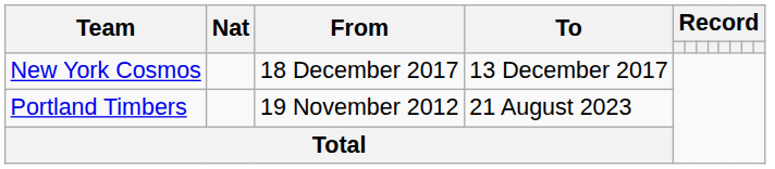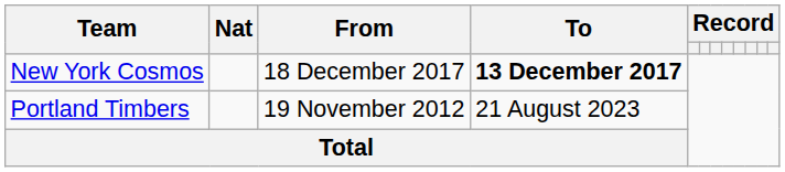 <table class="wikitable" style="text-align: center">
 <tr>
 <th rowspan="2">Team</th>
 <th rowspan="2">Nat</th>
 <th rowspan="2">From</th>
 <th rowspan="2">To</th>
 <th colspan="8">Record</th>
 </tr>
 <tr>
 <th></th>
 <th></th>
 <th></th>
 <th></th>
 <th></th>
 <th></th>
 <th></th>
 <th></th>
 </tr>
 <tr>
 <td align=left><a href='#'>New York Cosmos</a></td>
 <td></td>
 <td align=left>18 December 2017</td>
-<td align=left>13 December 2017<br></td>
+<td align=left><strong>13 December 2017<br></strong></td>
 </tr>
 <tr>
 <td align=left><a href='#'>Portland Timbers</a></td>
 <td></td>
 <td align=left>19 November 2012</td>
 <td align=left>21 August 2023<br></td>
 </tr>
 <tr>
 <th colspan="4">Total<br></th>
 </tr>
 </table>
